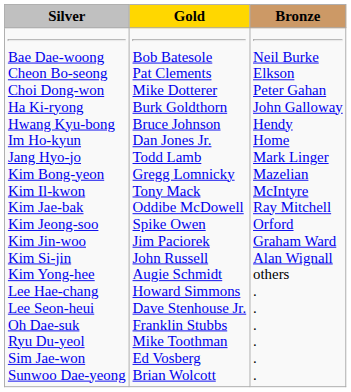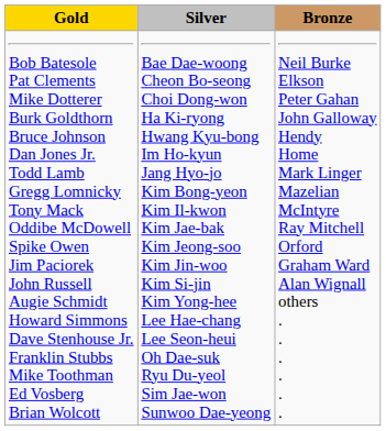 <table class="wikitable">
 <tr>
+<td style="text-align:center;background-color:gold;"><strong>Gold</strong></td>
 <td style="text-align:center;background-color:silver;"><strong>Silver</strong></td>
-<td style="text-align:center;background-color:gold;"><strong>Gold</strong></td>
 <td style="text-align:center;background-color:#CC9966;"><strong>Bronze</strong></td>
 </tr>
 <tr>
+<td><hr><a href='#'>Bob Batesole</a><br><a href='#'>Pat Clements</a><br><a href='#'>Mike Dotterer</a><br><a href='#'>Burk Goldthorn</a><br><a href='#'>Bruce Johnson</a><br><a href='#'>Dan Jones Jr.</a><br><a href='#'>Todd Lamb</a><br><a href='#'>Gregg Lomnicky</a><br><a href='#'>Tony Mack</a><br><a href='#'>Oddibe McDowell</a><br><a href='#'>Spike Owen</a><br><a href='#'>Jim Paciorek</a><br><a href='#'>John Russell</a><br><a href='#'>Augie Schmidt</a><br><a href='#'>Howard Simmons</a><br><a href='#'>Dave Stenhouse Jr.</a><br><a href='#'>Franklin Stubbs</a><br><a href='#'>Mike Toothman</a><br><a href='#'>Ed Vosberg</a><br><a href='#'>Brian Wolcott</a><br></td>
 <td><hr><a href='#'>Bae Dae-woong</a><br><a href='#'>Cheon Bo-seong</a><br><a href='#'>Choi Dong-won</a><br><a href='#'>Ha Ki-ryong</a><br><a href='#'>Hwang Kyu-bong</a><br><a href='#'>Im Ho-kyun</a><br><a href='#'>Jang Hyo-jo</a><br><a href='#'>Kim Bong-yeon</a><br><a href='#'>Kim Il-kwon</a><br><a href='#'>Kim Jae-bak</a><br><a href='#'>Kim Jeong-soo</a><br><a href='#'>Kim Jin-woo</a><br><a href='#'>Kim Si-jin</a><br><a href='#'>Kim Yong-hee</a><br><a href='#'>Lee Hae-chang</a><br><a href='#'>Lee Seon-heui</a><br><a href='#'>Oh Dae-suk</a><br><a href='#'>Ryu Du-yeol</a><br><a href='#'>Sim Jae-won</a><br><a href='#'>Sunwoo Dae-yeong</a></td>
-<td><hr><a href='#'>Bob Batesole</a><br><a href='#'>Pat Clements</a><br><a href='#'>Mike Dotterer</a><br><a href='#'>Burk Goldthorn</a><br><a href='#'>Bruce Johnson</a><br><a href='#'>Dan Jones Jr.</a><br><a href='#'>Todd Lamb</a><br><a href='#'>Gregg Lomnicky</a><br><a href='#'>Tony Mack</a><br><a href='#'>Oddibe McDowell</a><br><a href='#'>Spike Owen</a><br><a href='#'>Jim Paciorek</a><br><a href='#'>John Russell</a><br><a href='#'>Augie Schmidt</a><br><a href='#'>Howard Simmons</a><br><a href='#'>Dave Stenhouse Jr.</a><br><a href='#'>Franklin Stubbs</a><br><a href='#'>Mike Toothman</a><br><a href='#'>Ed Vosberg</a><br><a href='#'>Brian Wolcott</a><br></td>
 <td><hr><a href='#'>Neil Burke</a><br><a href='#'> Elkson</a><br><a href='#'>Peter Gahan</a><br><a href='#'>John Galloway</a><br><a href='#'> Hendy</a><br><a href='#'> Home</a><br><a href='#'>Mark Linger</a><br><a href='#'> Mazelian</a><br><a href='#'> McIntyre</a><br><a href='#'>Ray Mitchell</a><br><a href='#'> Orford</a><br><a href='#'>Graham Ward</a><br><a href='#'>Alan Wignall</a><br>others<br>.<br>.<br>.<br>.<br>.<br>.<br></td>
 </tr>
 </table>
